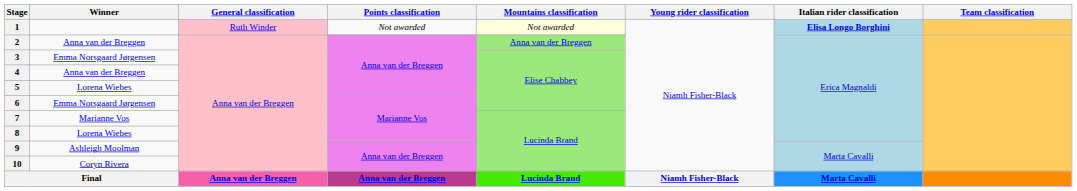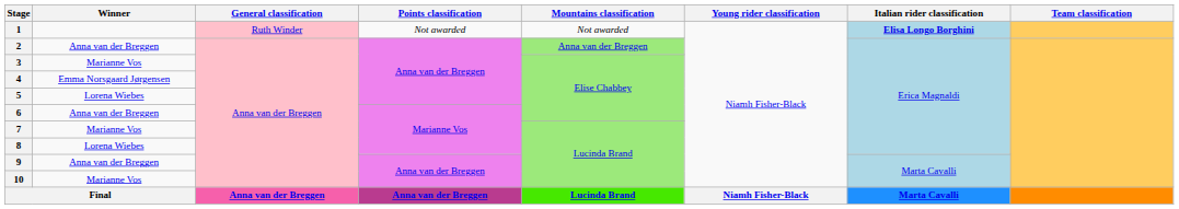 <table class="wikitable" style="text-align: center; font-size:smaller;">
 <tr style="background-color: #efefef;">
 <th width="2%">Stage</th>
 <th width="14%">Winner</th>
 <th width="14%"><a href='#'>General classification</a><br></th>
 <th width="14%"><a href='#'>Points classification</a><br></th>
 <th width="14%"><a href='#'>Mountains classification</a><br></th>
 <th width="14%"><a href='#'>Young rider classification</a><br></th>
 <th width="14%">Italian rider classification<br></th>
 <th width="14%"><a href='#'>Team classification</a><br></th>
 </tr>
 <tr>
 <th>1</th>
 <td></td>
 <td style="background:pink;"><a href='#'>Ruth Winder</a></td>
 <td><em>Not awarded</em></td>
-<td style="background: lightyellow;"><em>Not awarded</em></td>
+<td><em>Not awarded</em></td>
 <td style="background:offwhite;" rowspan="10"><a href='#'>Niamh Fisher-Black</a></td>
 <td style="background:lightblue;"><strong><a href='#'>Elisa Longo Borghini</a></strong></td>
 <td style="background:#FFCD5F;"></td>
 </tr>
 <tr>
 <th>2</th>
 <td><a href='#'>Anna van der Breggen</a></td>
 <td style="background:pink;" rowspan="9"><a href='#'>Anna van der Breggen</a></td>
 <td style="background:violet;" rowspan="4"><a href='#'>Anna van der Breggen</a></td>
 <td style="background:#9CE97B;"><a href='#'>Anna van der Breggen</a></td>
 <td style="background:lightblue;" rowspan="7"><a href='#'>Erica Magnaldi</a></td>
 <td style="background:#FFCD5F;" rowspan="9"></td>
 </tr>
 <tr>
 <th>3</th>
-<td><a href='#'>Emma Norsgaard Jørgensen</a></td>
+<td><a href='#'>Marianne Vos</a></td>
 <td style="background:#9CE97B;" rowspan="4"><a href='#'>Elise Chabbey</a></td>
 </tr>
 <tr>
 <th>4</th>
-<td><a href='#'>Anna van der Breggen</a></td>
+<td><a href='#'>Emma Norsgaard Jørgensen</a></td>
 </tr>
 <tr>
 <th>5</th>
 <td><a href='#'>Lorena Wiebes</a></td>
 </tr>
 <tr>
 <th>6</th>
-<td><a href='#'>Emma Norsgaard Jørgensen</a></td>
+<td><a href='#'>Anna van der Breggen</a></td>
 <td style="background:violet;" rowspan="3"><a href='#'>Marianne Vos</a></td>
 </tr>
 <tr>
 <th>7</th>
 <td><a href='#'>Marianne Vos</a></td>
 <td style="background:#9CE97B;" rowspan="4"><a href='#'>Lucinda Brand</a></td>
 </tr>
 <tr>
 <th>8</th>
 <td><a href='#'>Lorena Wiebes</a></td>
 </tr>
 <tr>
 <th>9</th>
-<td><a href='#'>Ashleigh Moolman</a></td>
+<td><a href='#'>Anna van der Breggen</a></td>
 <td style="background:violet;" rowspan="2"><a href='#'>Anna van der Breggen</a></td>
 <td style="background:lightblue;" rowspan="2"><a href='#'>Marta Cavalli</a></td>
 </tr>
 <tr>
 <th>10</th>
-<td><a href='#'>Coryn Rivera</a></td>
+<td><a href='#'>Marianne Vos</a></td>
 </tr>
 <tr>
 <th colspan="2">Final</th>
 <th style="background:#F660AB;"><a href='#'>Anna van der Breggen</a></th>
 <th style="background:#B93B8F;"><a href='#'>Anna van der Breggen</a></th>
 <th style="background:#46E800;"><a href='#'>Lucinda Brand</a></th>
 <th style="background:offwhite;"><a href='#'>Niamh Fisher-Black</a></th>
 <th style="background:dodgerblue;"><a href='#'>Marta Cavalli</a></th>
 <th style="background:#FF8C00;"></th>
 </tr>
 </table>
